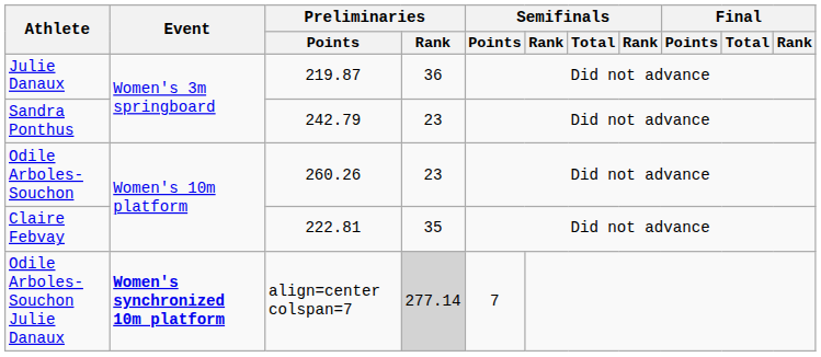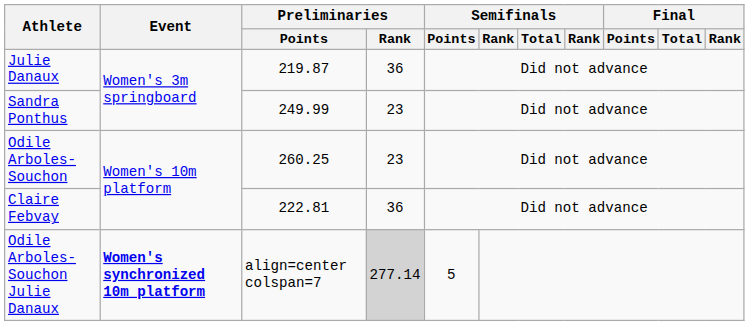 <table class=wikitable style="font-size:90%">
 <tr>
 <th rowspan="2">Athlete</th>
 <th rowspan="2">Event</th>
 <th colspan="2">Preliminaries</th>
 <th colspan="4">Semifinals</th>
 <th colspan="3">Final</th>
 </tr>
 <tr style="font-size:95%">
 <th>Points</th>
 <th>Rank</th>
 <th>Points</th>
 <th>Rank</th>
 <th>Total</th>
 <th>Rank</th>
 <th>Points</th>
 <th>Total</th>
 <th>Rank</th>
 </tr>
 <tr>
 <td align=left><a href='#'>Julie Danaux</a></td>
 <td align=left rowspan=2><a href='#'>Women's 3m springboard</a></td>
 <td align=center>219.87</td>
 <td align=center>36</td>
 <td align=center colspan=7>Did not advance</td>
 </tr>
 <tr>
 <td align=left><a href='#'>Sandra Ponthus</a></td>
-<td align=center>242.79</td>
+<td align=center>249.99</td>
 <td align=center>23</td>
 <td align=center colspan=7>Did not advance</td>
 </tr>
 <tr>
 <td align=left><a href='#'>Odile Arboles-Souchon</a></td>
 <td align=left rowspan=2><a href='#'>Women's 10m platform</a></td>
-<td align=center>260.26</td>
+<td align=center>260.25</td>
 <td align=center>23</td>
 <td align=center colspan=7>Did not advance</td>
 </tr>
 <tr>
 <td align=left><a href='#'>Claire Febvay</a></td>
 <td align=center>222.81</td>
-<td align=center>35</td>
+<td align=center>36</td>
 <td align=center colspan=7>Did not advance</td>
 </tr>
 <tr>
 <td align=left><a href='#'>Odile Arboles-Souchon</a><br> <a href='#'>Julie Danaux</a></td>
 <td align=left><strong><a href='#'>Women's synchronized 10m platform</a></strong></td>
 <td>align=center colspan=7 </td>
 <td align=center style="background: lightgrey;">277.14</td>
-<td align=center>7</td>
+<td align=center>5</td>
 </tr>
 </table>
